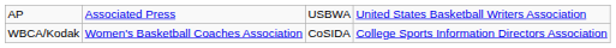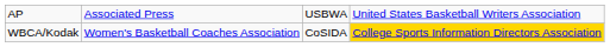 <table class="wikitable">
 <tr>
 <td>AP</td>
 <td><a href='#'>Associated Press</a></td>
 <td>USBWA</td>
 <td><a href='#'>United States Basketball Writers Association</a></td>
 </tr>
 <tr>
 <td>WBCA/Kodak</td>
 <td><a href='#'>Women's Basketball Coaches Association</a></td>
 <td>CoSIDA</td>
-<td><a href='#'>College Sports Information Directors Association</a></td>
+<td style="background: gold;"><a href='#'>College Sports Information Directors Association</a></td>
 </tr>
 </table>
